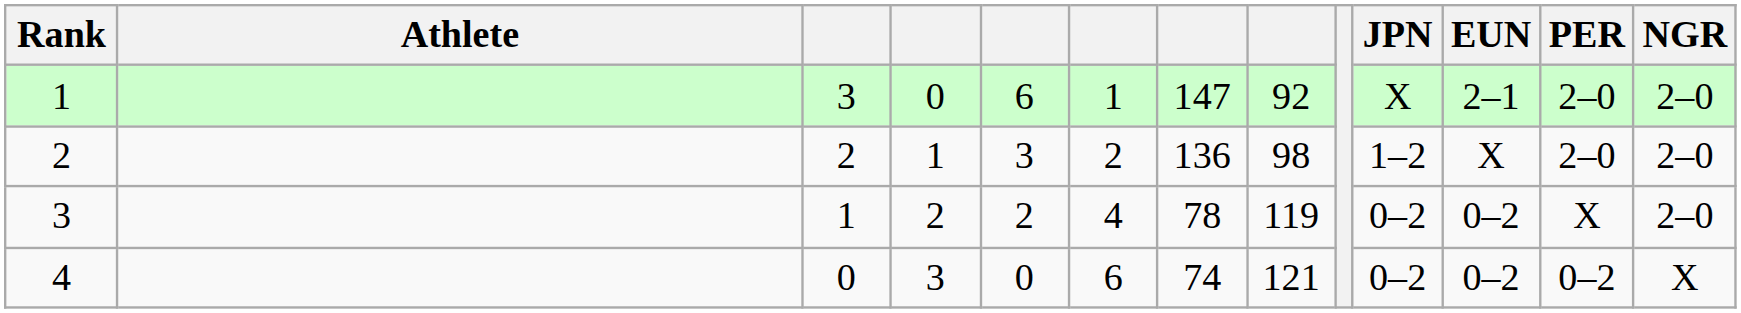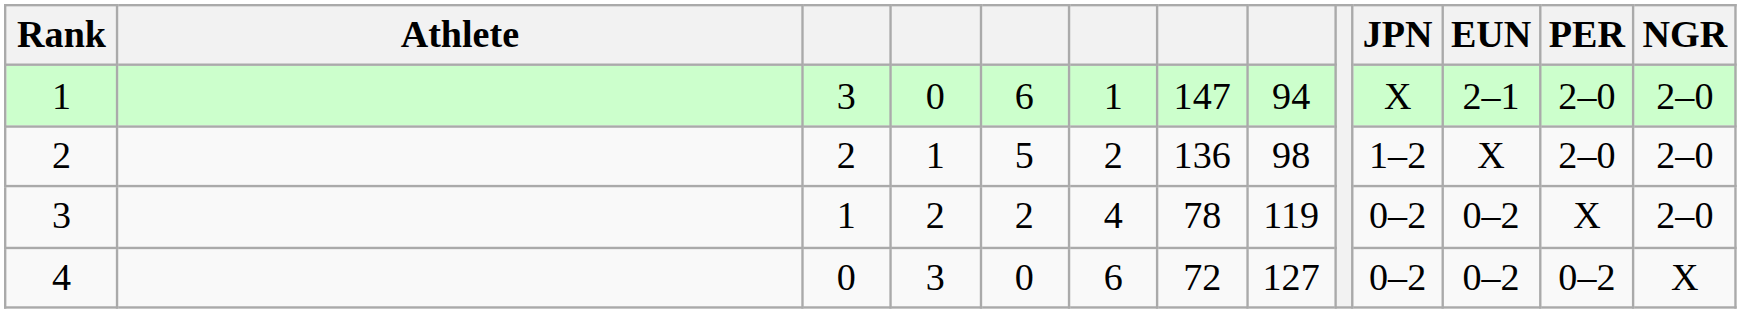 <table class="wikitable" style="text-align:center">
 <tr>
 <th width=40>Rank</th>
 <th width=280>Athlete</th>
 <th width=30></th>
 <th width=30></th>
 <th width=30></th>
 <th width=30></th>
 <th width=30></th>
 <th width=30></th>
 <th rowspan=5></th>
 <th width=30>JPN</th>
 <th width=30>EUN</th>
 <th width=30>PER</th>
 <th width=30>NGR</th>
 </tr>
 <tr style="background-color:#ccffcc;">
 <td>1</td>
 <td align=left></td>
 <td>3</td>
 <td>0</td>
 <td>6</td>
 <td>1</td>
 <td>147</td>
-<td>92</td>
+<td>94</td>
 <td>X</td>
 <td>2–1</td>
 <td>2–0</td>
 <td>2–0</td>
 </tr>
 <tr>
 <td>2</td>
 <td align=left></td>
 <td>2</td>
 <td>1</td>
-<td>3</td>
+<td>5</td>
 <td>2</td>
 <td>136</td>
 <td>98</td>
 <td>1–2</td>
 <td>X</td>
 <td>2–0</td>
 <td>2–0</td>
 </tr>
 <tr>
 <td>3</td>
 <td align=left></td>
 <td>1</td>
 <td>2</td>
 <td>2</td>
 <td>4</td>
 <td>78</td>
 <td>119</td>
 <td>0–2</td>
 <td>0–2</td>
 <td>X</td>
 <td>2–0</td>
 </tr>
 <tr>
 <td>4</td>
 <td align=left></td>
 <td>0</td>
 <td>3</td>
 <td>0</td>
 <td>6</td>
-<td>74</td>
-<td>121</td>
+<td>72</td>
+<td>127</td>
 <td>0–2</td>
 <td>0–2</td>
 <td>0–2</td>
 <td>X</td>
 </tr>
 </table>
